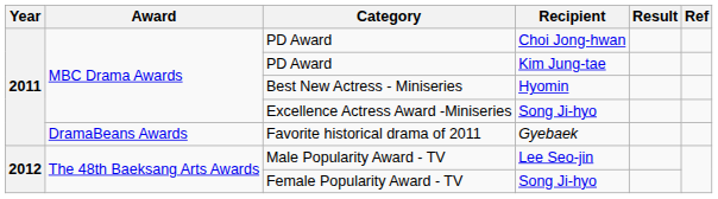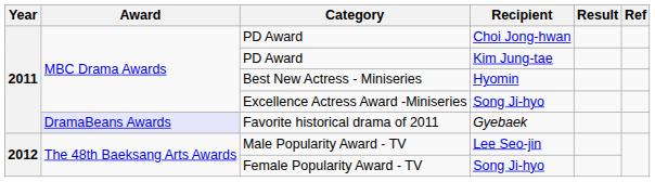 <table class="wikitable">
 <tr>
 <th>Year</th>
 <th>Award</th>
 <th>Category</th>
 <th>Recipient</th>
 <th>Result</th>
 <th>Ref</th>
 </tr>
 <tr>
 <th rowspan="5">2011</th>
 <td rowspan="4"><a href='#'>MBC Drama Awards</a></td>
 <td>PD Award</td>
 <td><a href='#'>Choi Jong-hwan</a></td>
 <td></td>
 <td></td>
 </tr>
 <tr>
 <td>PD Award</td>
 <td><a href='#'>Kim Jung-tae</a></td>
 <td></td>
 <td></td>
 </tr>
 <tr>
 <td>Best New Actress - Miniseries</td>
 <td><a href='#'>Hyomin</a></td>
 <td></td>
 <td></td>
 </tr>
 <tr>
 <td>Excellence Actress Award -Miniseries</td>
 <td><a href='#'>Song Ji-hyo</a></td>
 <td></td>
 <td></td>
 </tr>
 <tr>
-<td><a href='#'>DramaBeans Awards</a></td>
+<td style="background: lavender;"><a href='#'>DramaBeans Awards</a></td>
 <td>Favorite historical drama of 2011</td>
 <td><em>Gyebaek</em></td>
 <td></td>
 <td></td>
 </tr>
 <tr>
 <th rowspan="2">2012</th>
 <td rowspan="2"><a href='#'>The 48th Baeksang Arts Awards</a></td>
 <td>Male Popularity Award - TV</td>
 <td><a href='#'>Lee Seo-jin</a></td>
 <td></td>
 <td rowspan="2"></td>
 </tr>
 <tr>
 <td>Female Popularity Award - TV</td>
 <td><a href='#'>Song Ji-hyo</a></td>
 <td></td>
 </tr>
 </table>
